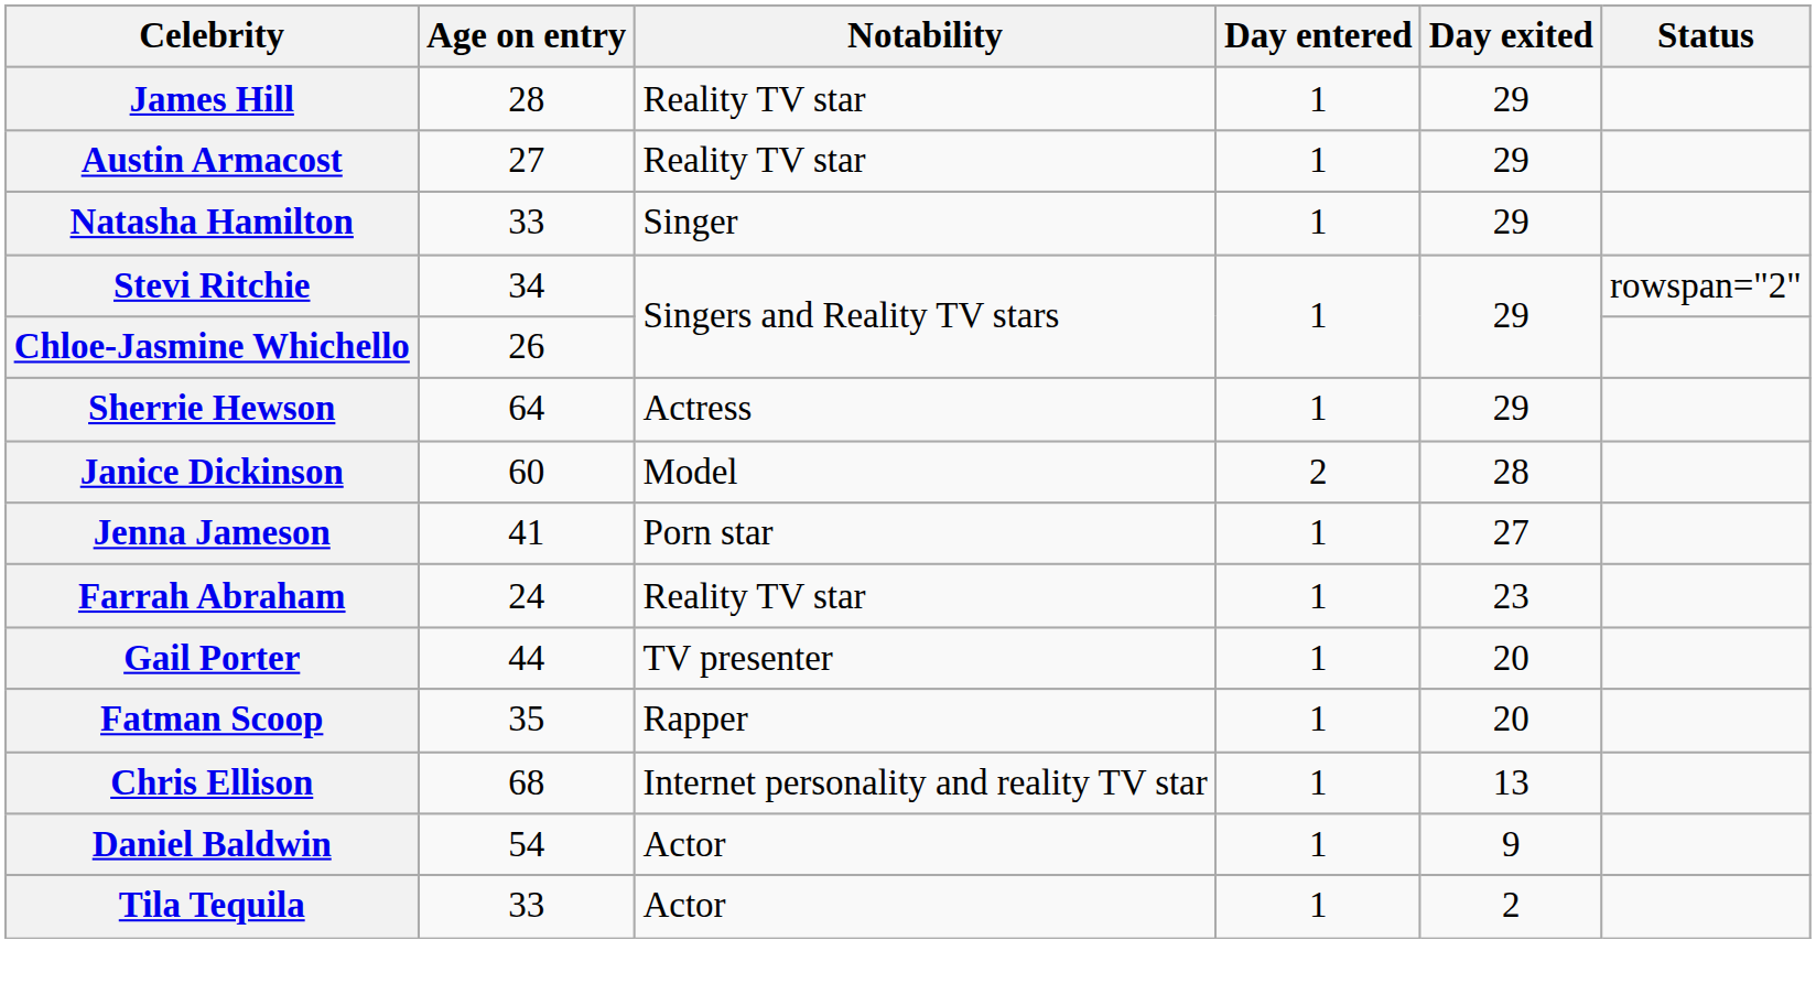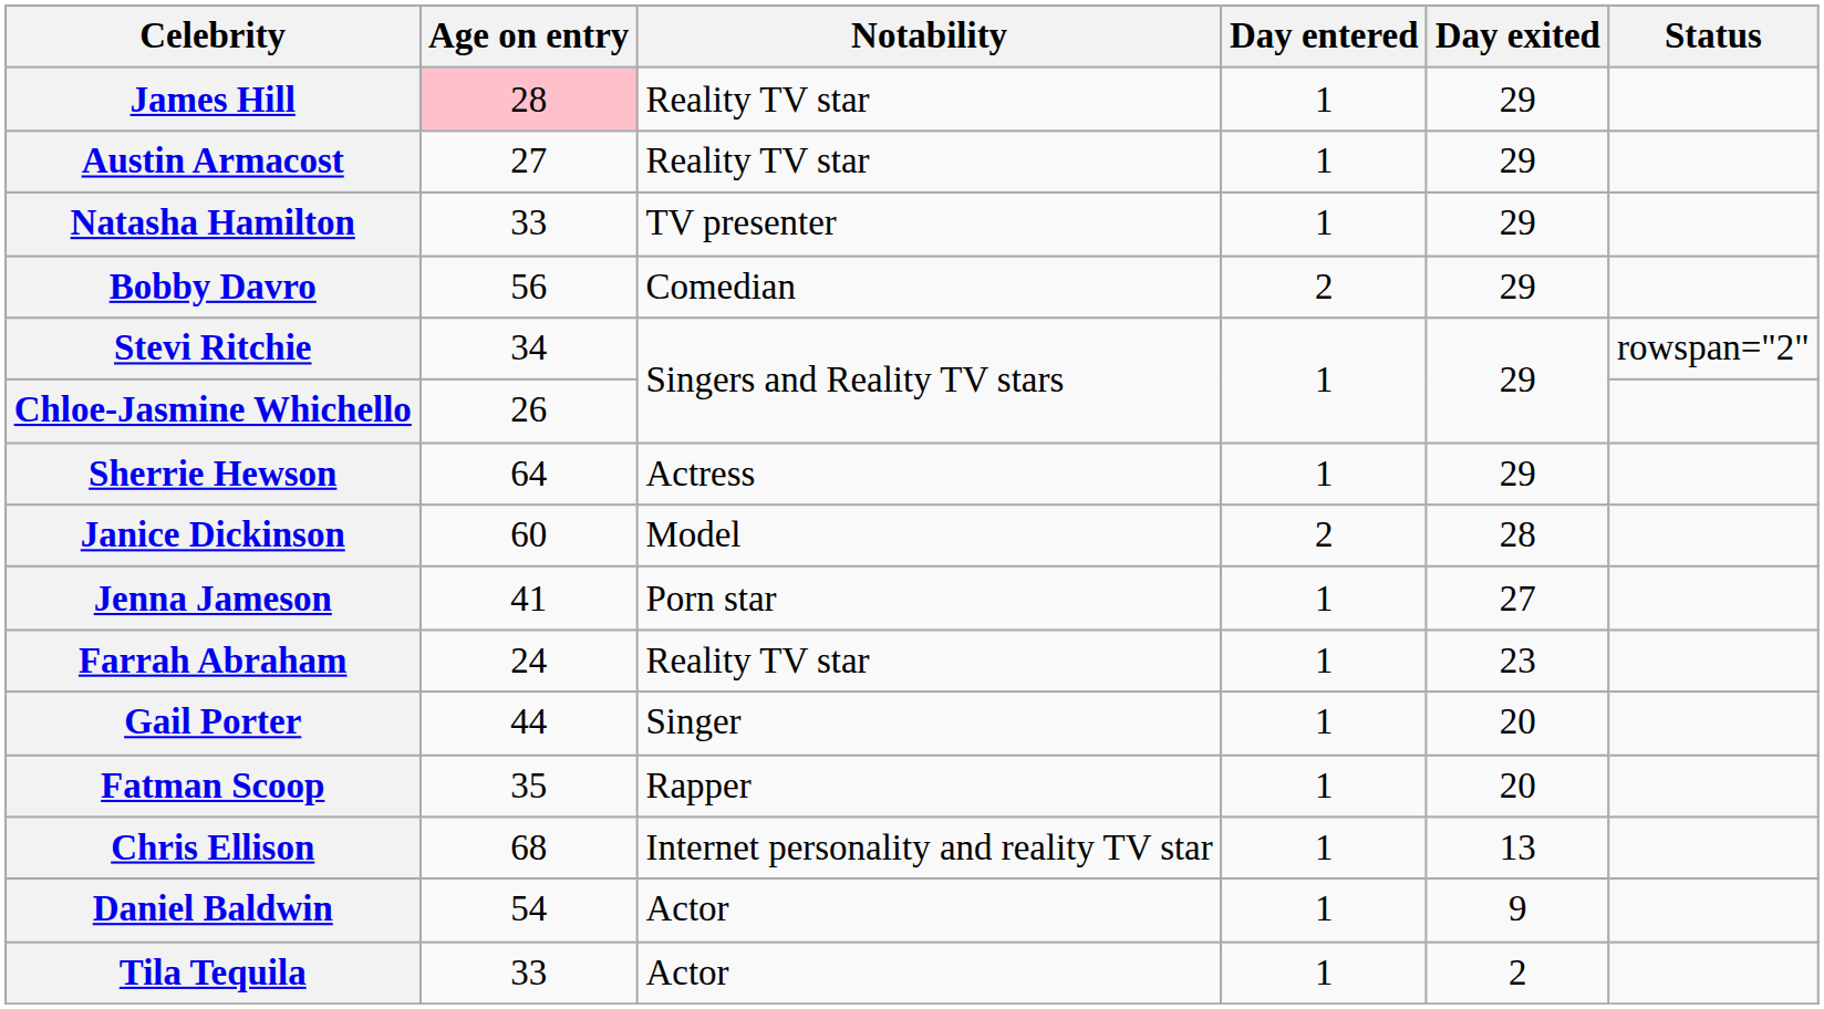 <table class="wikitable sortable" style="text-align:left; line-height:20px; width:auto;">
 <tr>
 <th scope="col">Celebrity</th>
 <th scope="col">Age on entry</th>
 <th scope="col">Notability</th>
 <th scope="col">Day entered</th>
 <th scope="col">Day exited</th>
 <th scope="col">Status</th>
 </tr>
 <tr>
 <th scope="row"><a href='#'>James Hill</a></th>
-<td align="center">28</td>
+<td align="center" style="background: pink;">28</td>
 <td>Reality TV star</td>
 <td align="center">1</td>
 <td align="center">29</td>
 <td></td>
 </tr>
 <tr>
 <th scope="row"><a href='#'>Austin Armacost</a></th>
 <td align="center">27</td>
 <td>Reality TV star</td>
 <td align="center">1</td>
 <td align="center">29</td>
 <td></td>
 </tr>
 <tr>
 <th scope="row"><a href='#'>Natasha Hamilton</a></th>
 <td align="center">33</td>
-<td>Singer</td>
+<td>TV presenter</td>
 <td align="center">1</td>
+<td align="center">29</td>
+<td></td>
+</tr>
+<tr>
+<th scope="row"><a href='#'>Bobby Davro</a></th>
+<td align="center">56</td>
+<td>Comedian</td>
+<td align="center">2</td>
 <td align="center">29</td>
 <td></td>
 </tr>
 <tr>
 <th scope="row"><a href='#'>Stevi Ritchie</a></th>
 <td align="center">34</td>
 <td rowspan="2">Singers and Reality TV stars</td>
 <td rowspan="2" align="center">1</td>
 <td rowspan="2" align="center">29</td>
 <td>rowspan="2" </td>
 </tr>
 <tr>
 <th scope="row"><a href='#'>Chloe-Jasmine Whichello</a></th>
 <td align="center">26</td>
 </tr>
 <tr>
 <th scope="row"><a href='#'>Sherrie Hewson</a></th>
 <td align="center">64</td>
 <td>Actress</td>
 <td align="center">1</td>
 <td align="center">29</td>
 <td></td>
 </tr>
 <tr>
 <th scope="row"><a href='#'>Janice Dickinson</a></th>
 <td align="center">60</td>
 <td>Model</td>
 <td align="center">2</td>
 <td align="center">28</td>
 <td></td>
 </tr>
 <tr>
 <th scope="row"><a href='#'>Jenna Jameson</a></th>
 <td align="center">41</td>
 <td>Porn star</td>
 <td align="center">1</td>
 <td align="center">27</td>
 <td></td>
 </tr>
 <tr>
 <th scope="row"><a href='#'>Farrah Abraham</a></th>
 <td align="center">24</td>
 <td>Reality TV star</td>
 <td align="center">1</td>
 <td align="center">23</td>
 <td></td>
 </tr>
 <tr>
 <th scope="row"><a href='#'>Gail Porter</a></th>
 <td align="center">44</td>
-<td>TV presenter</td>
+<td>Singer</td>
 <td align="center">1</td>
 <td align="center">20</td>
 <td></td>
 </tr>
 <tr>
 <th scope="row"><a href='#'>Fatman Scoop</a></th>
 <td align="center">35</td>
 <td>Rapper</td>
 <td align="center">1</td>
 <td align="center">20</td>
 <td></td>
 </tr>
 <tr>
 <th scope="row"><a href='#'>Chris Ellison</a></th>
 <td align="center">68</td>
 <td>Internet personality and reality TV star</td>
 <td align="center">1</td>
 <td align="center">13</td>
 <td></td>
 </tr>
 <tr>
 <th scope="row"><a href='#'>Daniel Baldwin</a></th>
 <td align="center">54</td>
 <td>Actor</td>
 <td align="center">1</td>
 <td align="center">9</td>
 <td></td>
 </tr>
 <tr>
 <th scope="row"><a href='#'>Tila Tequila</a></th>
 <td align="center">33</td>
 <td>Actor</td>
 <td align="center">1</td>
 <td align="center">2</td>
 <td></td>
 </tr>
 </table>
